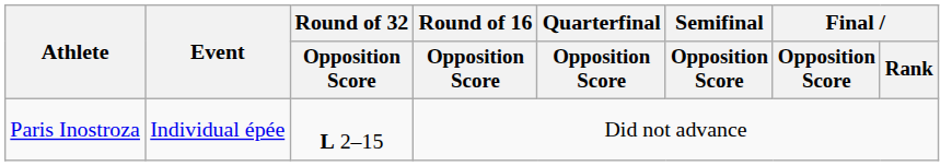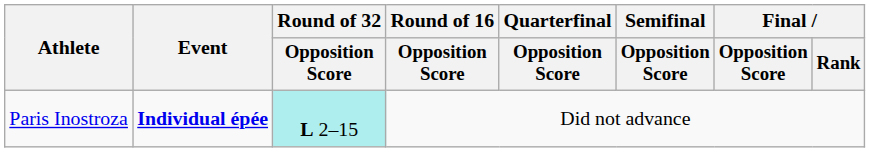 <table class="wikitable" style="font-size:90%">
 <tr>
 <th rowspan="2">Athlete</th>
 <th rowspan="2">Event</th>
 <th>Round of 32</th>
 <th>Round of 16</th>
 <th>Quarterfinal</th>
 <th>Semifinal</th>
 <th colspan=2>Final / </th>
 </tr>
 <tr style="font-size:95%">
 <th>Opposition <br> Score</th>
 <th>Opposition <br> Score</th>
 <th>Opposition <br> Score</th>
 <th>Opposition <br> Score</th>
 <th>Opposition <br> Score</th>
 <th>Rank</th>
 </tr>
 <tr align=center>
 <td align=left><a href='#'>Paris Inostroza</a></td>
-<td align=left><a href='#'>Individual épée</a></td>
-<td><br><strong>L</strong> 2–15</td>
+<td align=left><strong><a href='#'>Individual épée</a></strong></td>
+<td style="background: paleturquoise;"><br><strong>L</strong> 2–15</td>
 <td colspan=5>Did not advance</td>
 </tr>
 </table>
